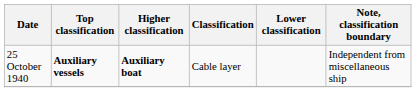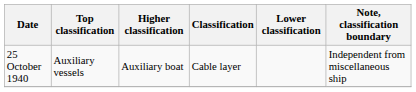 <table class="wikitable">
 <tr>
 <th>Date</th>
 <th>Top classification</th>
 <th>Higher classification</th>
 <th>Classification</th>
 <th>Lower classification</th>
 <th>Note, classification boundary</th>
 </tr>
 <tr>
 <td>25 October 1940</td>
-<td><strong>Auxiliary vessels</strong></td>
-<td><strong>Auxiliary boat</strong></td>
+<td>Auxiliary vessels</td>
+<td>Auxiliary boat</td>
 <td>Cable layer</td>
 <td></td>
 <td>Independent from miscellaneous ship</td>
 </tr>
 <tr>
 </tr>
 </table>
